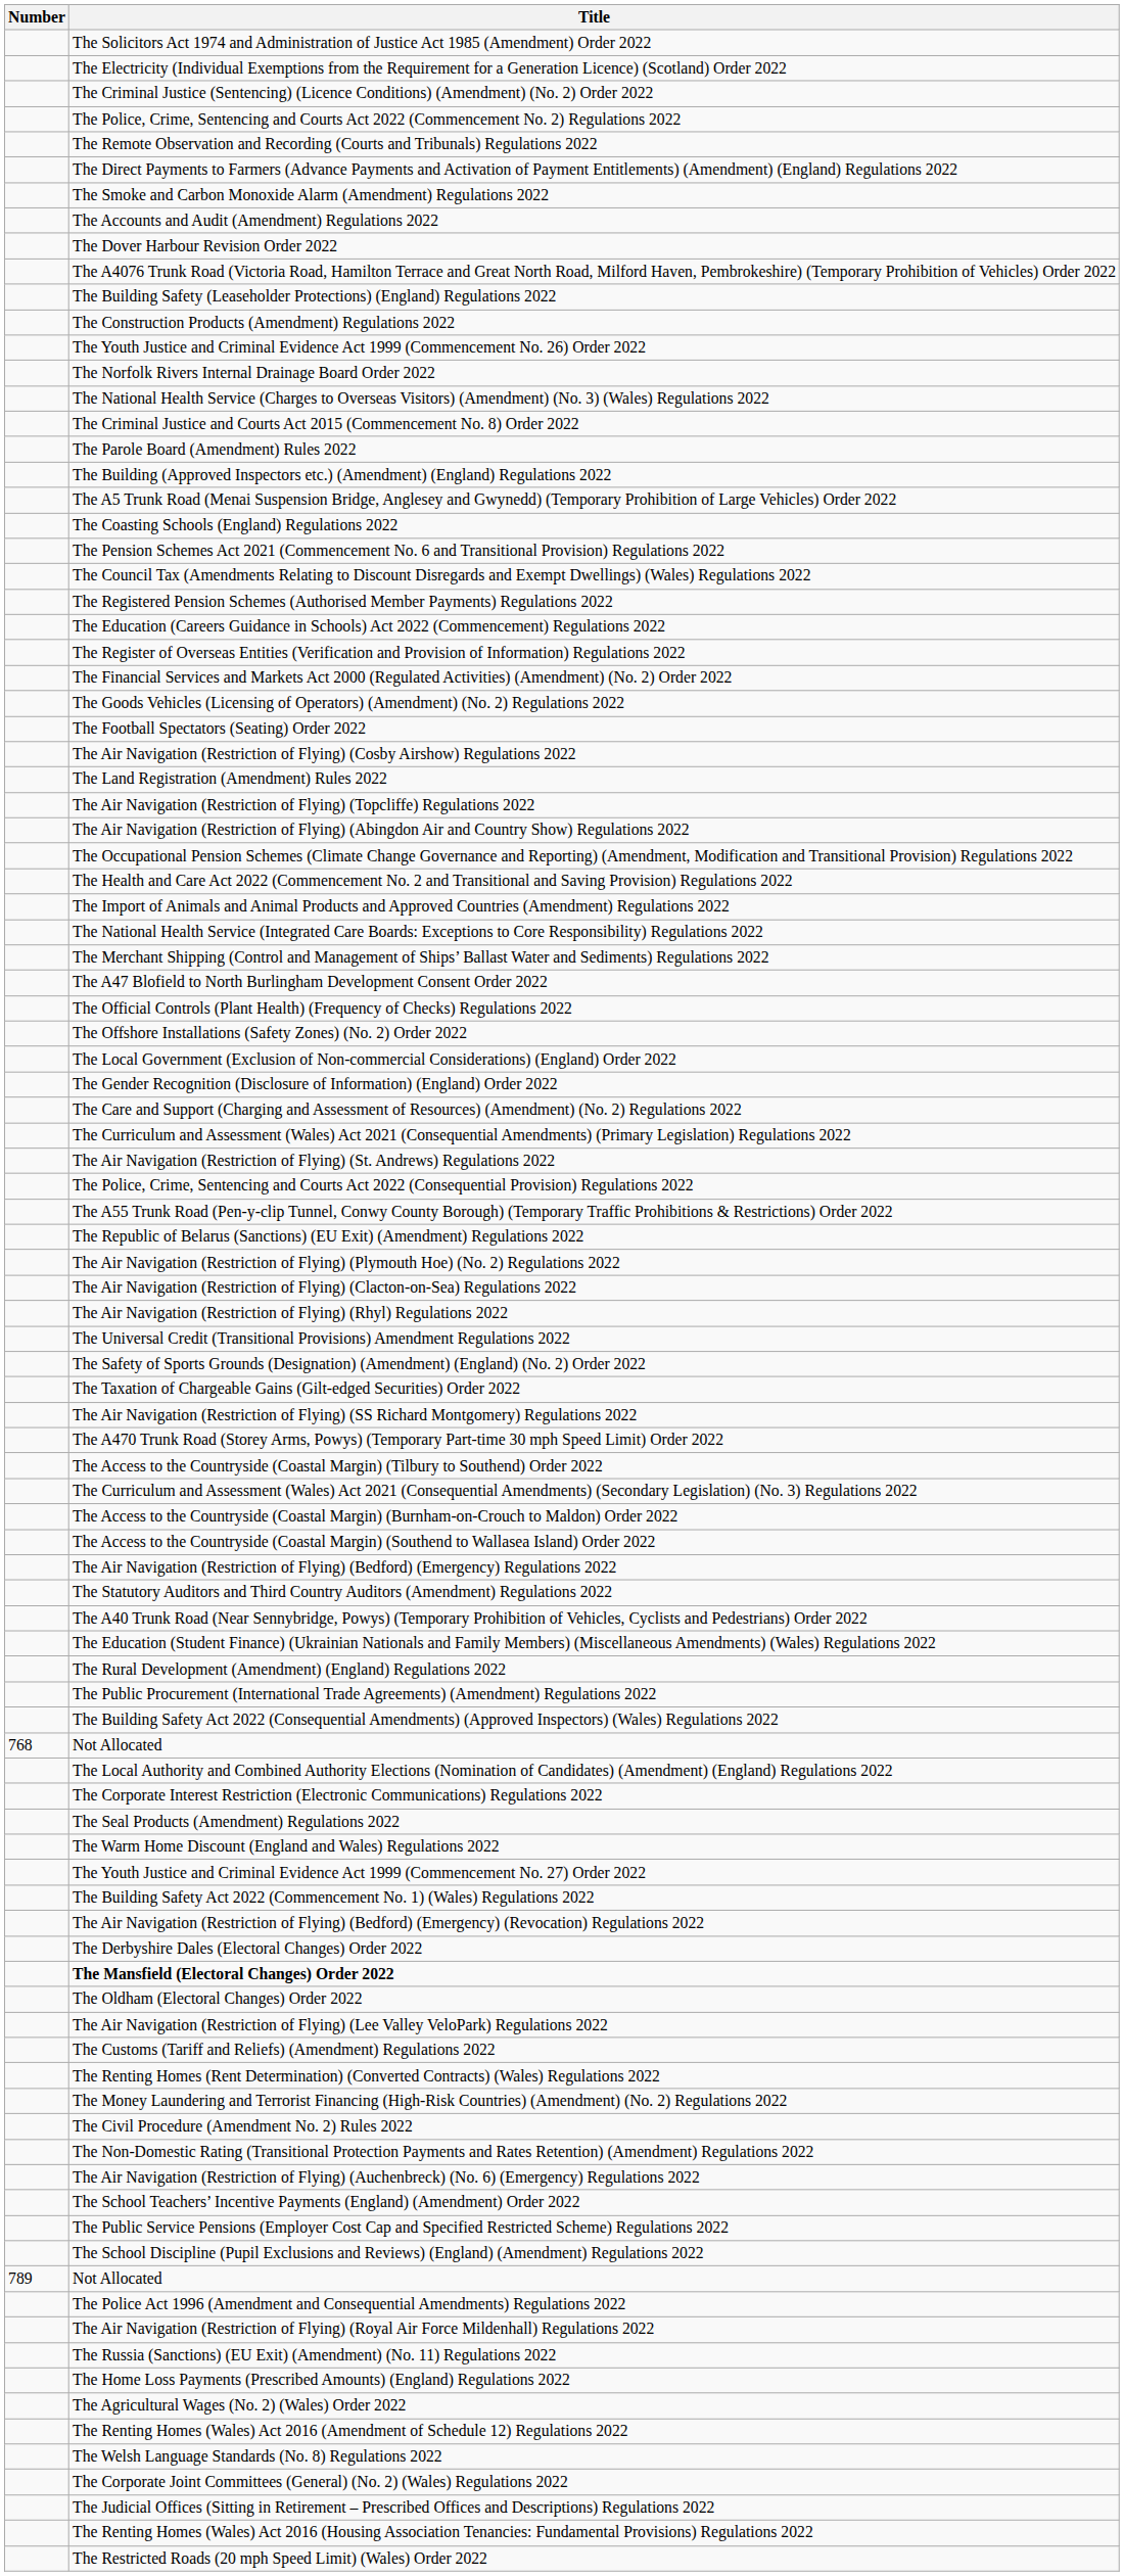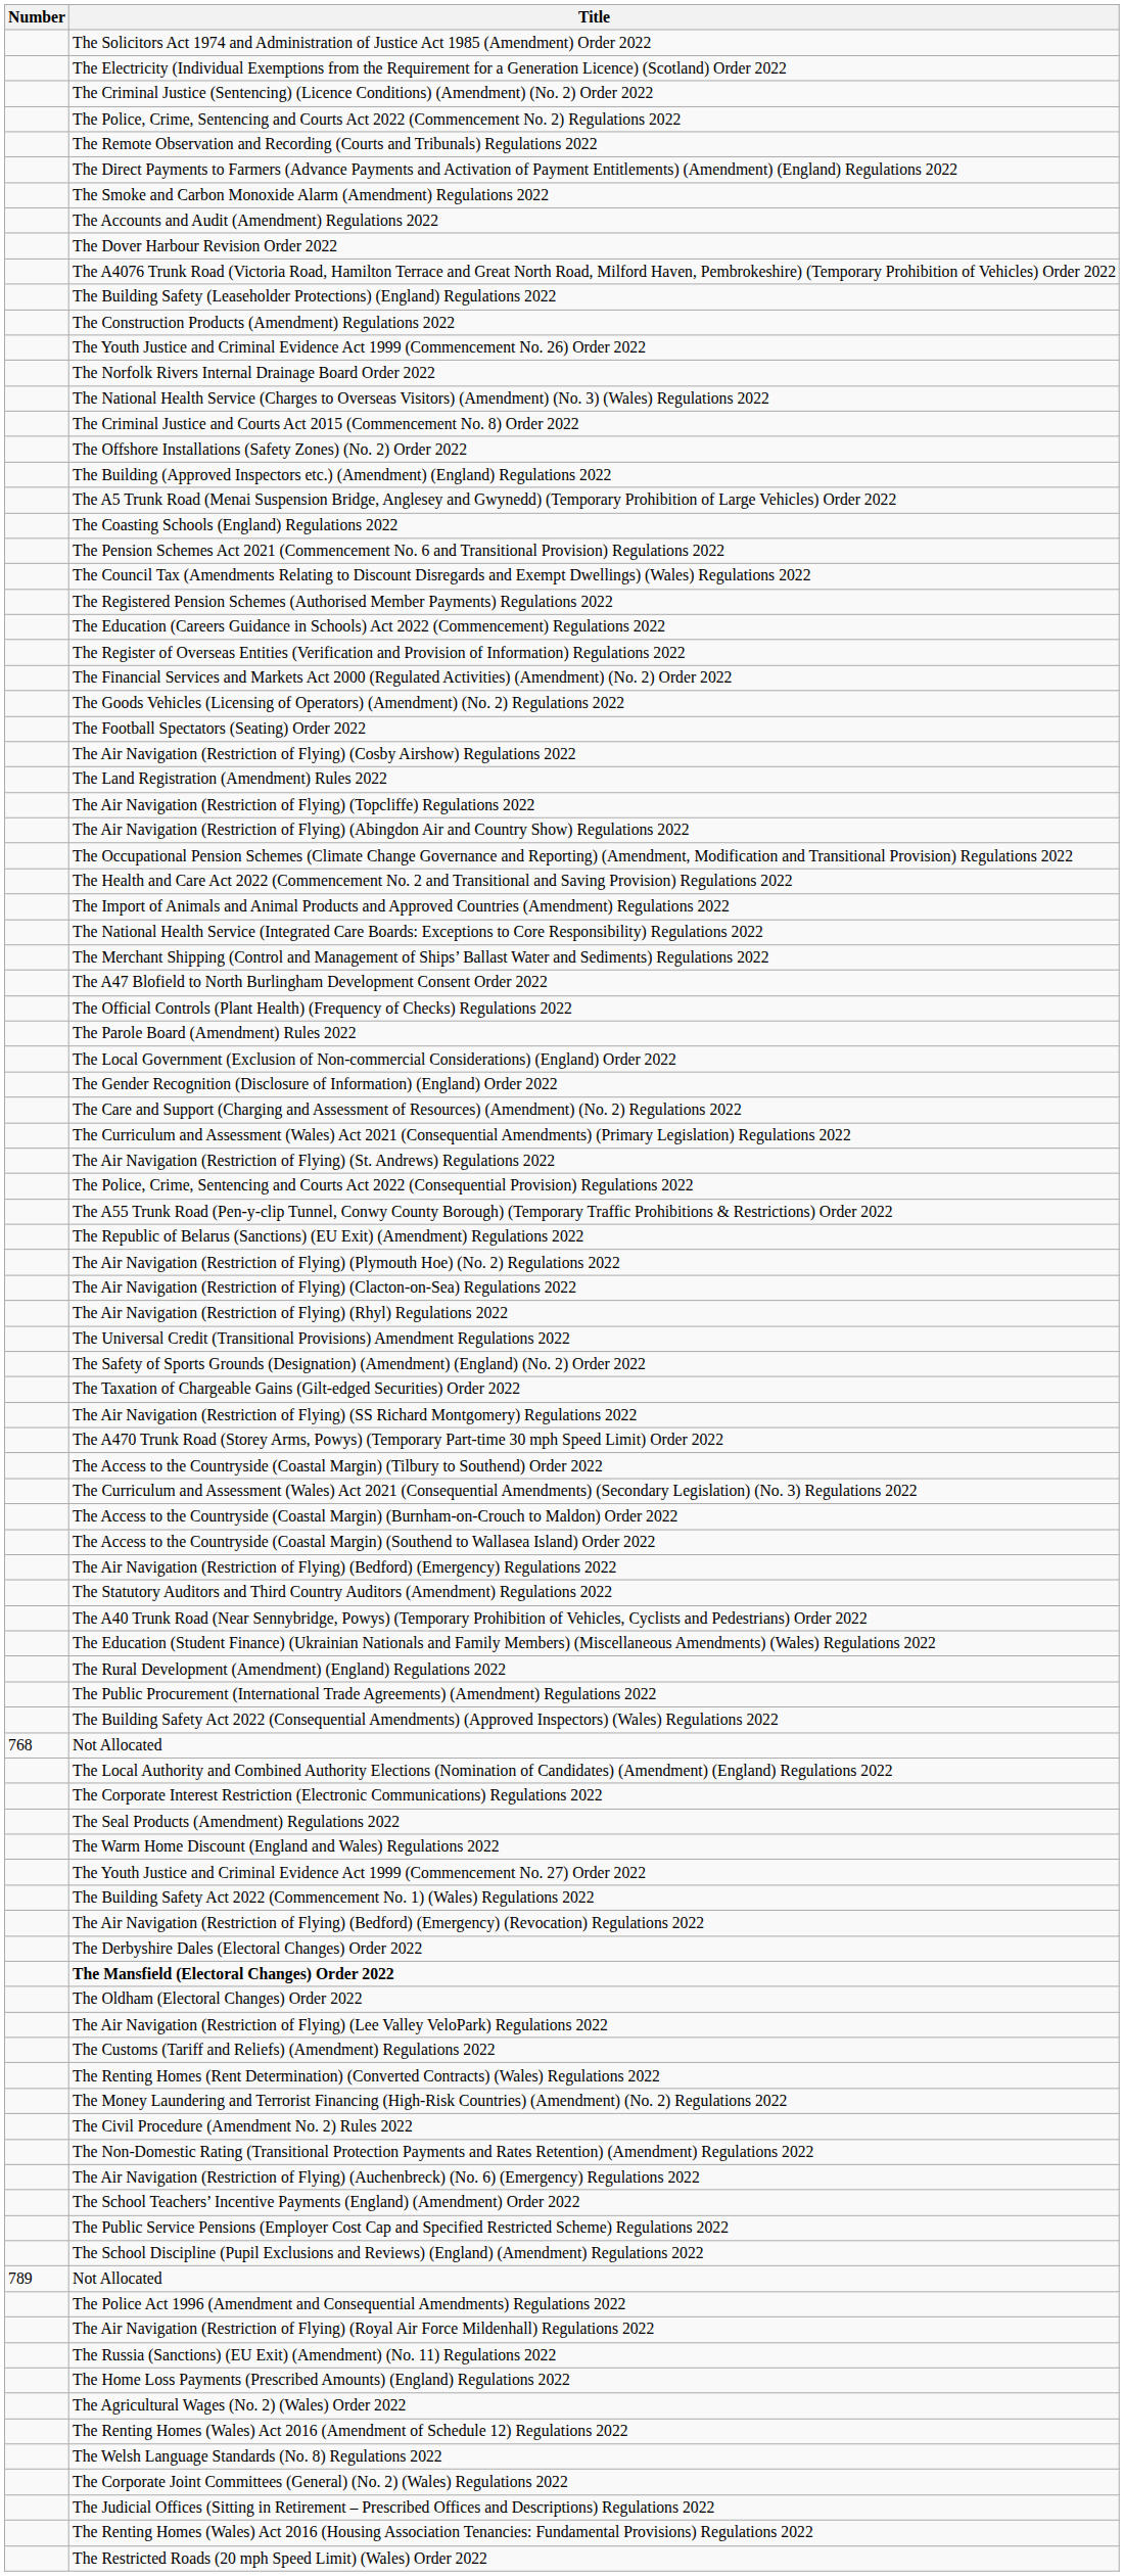 <table class="wikitable collapsible">
 <tr>
 <th>Number</th>
 <th>Title</th>
 </tr>
 <tr>
 <td></td>
 <td>The Solicitors Act 1974 and Administration of Justice Act 1985 (Amendment) Order 2022</td>
 </tr>
 <tr>
 <td></td>
 <td>The Electricity (Individual Exemptions from the Requirement for a Generation Licence) (Scotland) Order 2022</td>
 </tr>
 <tr>
 <td></td>
 <td>The Criminal Justice (Sentencing) (Licence Conditions) (Amendment) (No. 2) Order 2022</td>
 </tr>
 <tr>
 <td></td>
 <td>The Police, Crime, Sentencing and Courts Act 2022 (Commencement No. 2) Regulations 2022</td>
 </tr>
 <tr>
 <td></td>
 <td>The Remote Observation and Recording (Courts and Tribunals) Regulations 2022</td>
 </tr>
 <tr>
 <td></td>
 <td>The Direct Payments to Farmers (Advance Payments and Activation of Payment Entitlements) (Amendment) (England) Regulations 2022</td>
 </tr>
 <tr>
 <td></td>
 <td>The Smoke and Carbon Monoxide Alarm (Amendment) Regulations 2022</td>
 </tr>
 <tr>
 <td></td>
 <td>The Accounts and Audit (Amendment) Regulations 2022</td>
 </tr>
 <tr>
 <td></td>
 <td>The Dover Harbour Revision Order 2022</td>
 </tr>
 <tr>
 <td></td>
 <td>The A4076 Trunk Road (Victoria Road, Hamilton Terrace and Great North Road, Milford Haven, Pembrokeshire) (Temporary Prohibition of Vehicles) Order 2022</td>
 </tr>
 <tr>
 <td></td>
 <td>The Building Safety (Leaseholder Protections) (England) Regulations 2022</td>
 </tr>
 <tr>
 <td></td>
 <td>The Construction Products (Amendment) Regulations 2022</td>
 </tr>
 <tr>
 <td></td>
 <td>The Youth Justice and Criminal Evidence Act 1999 (Commencement No. 26) Order 2022</td>
 </tr>
 <tr>
 <td></td>
 <td>The Norfolk Rivers Internal Drainage Board Order 2022</td>
 </tr>
 <tr>
 <td></td>
 <td>The National Health Service (Charges to Overseas Visitors) (Amendment) (No. 3) (Wales) Regulations 2022</td>
 </tr>
 <tr>
 <td></td>
 <td>The Criminal Justice and Courts Act 2015 (Commencement No. 8) Order 2022</td>
 </tr>
 <tr>
 <td></td>
-<td>The Parole Board (Amendment) Rules 2022</td>
+<td>The Offshore Installations (Safety Zones) (No. 2) Order 2022</td>
 </tr>
 <tr>
 <td></td>
 <td>The Building (Approved Inspectors etc.) (Amendment) (England) Regulations 2022</td>
 </tr>
 <tr>
 <td></td>
 <td>The A5 Trunk Road (Menai Suspension Bridge, Anglesey and Gwynedd) (Temporary Prohibition of Large Vehicles) Order 2022</td>
 </tr>
 <tr>
 <td></td>
 <td>The Coasting Schools (England) Regulations 2022</td>
 </tr>
 <tr>
 <td></td>
 <td>The Pension Schemes Act 2021 (Commencement No. 6 and Transitional Provision) Regulations 2022</td>
 </tr>
 <tr>
 <td></td>
 <td>The Council Tax (Amendments Relating to Discount Disregards and Exempt Dwellings) (Wales) Regulations 2022</td>
 </tr>
 <tr>
 <td></td>
 <td>The Registered Pension Schemes (Authorised Member Payments) Regulations 2022</td>
 </tr>
 <tr>
 <td></td>
 <td>The Education (Careers Guidance in Schools) Act 2022 (Commencement) Regulations 2022</td>
 </tr>
 <tr>
 <td></td>
 <td>The Register of Overseas Entities (Verification and Provision of Information) Regulations 2022</td>
 </tr>
 <tr>
 <td></td>
 <td>The Financial Services and Markets Act 2000 (Regulated Activities) (Amendment) (No. 2) Order 2022</td>
 </tr>
 <tr>
 <td></td>
 <td>The Goods Vehicles (Licensing of Operators) (Amendment) (No. 2) Regulations 2022</td>
 </tr>
 <tr>
 <td></td>
 <td>The Football Spectators (Seating) Order 2022</td>
 </tr>
 <tr>
 <td></td>
 <td>The Air Navigation (Restriction of Flying) (Cosby Airshow) Regulations 2022</td>
 </tr>
 <tr>
 <td></td>
 <td>The Land Registration (Amendment) Rules 2022</td>
 </tr>
 <tr>
 <td></td>
 <td>The Air Navigation (Restriction of Flying) (Topcliffe) Regulations 2022</td>
 </tr>
 <tr>
 <td></td>
 <td>The Air Navigation (Restriction of Flying) (Abingdon Air and Country Show) Regulations 2022</td>
 </tr>
 <tr>
 <td></td>
 <td>The Occupational Pension Schemes (Climate Change Governance and Reporting) (Amendment, Modification and Transitional Provision) Regulations 2022</td>
 </tr>
 <tr>
 <td></td>
 <td>The Health and Care Act 2022 (Commencement No. 2 and Transitional and Saving Provision) Regulations 2022</td>
 </tr>
 <tr>
 <td></td>
 <td>The Import of Animals and Animal Products and Approved Countries (Amendment) Regulations 2022</td>
 </tr>
 <tr>
 <td></td>
 <td>The National Health Service (Integrated Care Boards: Exceptions to Core Responsibility) Regulations 2022</td>
 </tr>
 <tr>
 <td></td>
 <td>The Merchant Shipping (Control and Management of Ships’ Ballast Water and Sediments) Regulations 2022</td>
 </tr>
 <tr>
 <td></td>
 <td>The A47 Blofield to North Burlingham Development Consent Order 2022</td>
 </tr>
 <tr>
 <td></td>
 <td>The Official Controls (Plant Health) (Frequency of Checks) Regulations 2022</td>
 </tr>
 <tr>
 <td></td>
-<td>The Offshore Installations (Safety Zones) (No. 2) Order 2022</td>
+<td>The Parole Board (Amendment) Rules 2022</td>
 </tr>
 <tr>
 <td></td>
 <td>The Local Government (Exclusion of Non-commercial Considerations) (England) Order 2022</td>
 </tr>
 <tr>
 <td></td>
 <td>The Gender Recognition (Disclosure of Information) (England) Order 2022</td>
 </tr>
 <tr>
 <td></td>
 <td>The Care and Support (Charging and Assessment of Resources) (Amendment) (No. 2) Regulations 2022</td>
 </tr>
 <tr>
 <td></td>
 <td>The Curriculum and Assessment (Wales) Act 2021 (Consequential Amendments) (Primary Legislation) Regulations 2022</td>
 </tr>
 <tr>
 <td></td>
 <td>The Air Navigation (Restriction of Flying) (St. Andrews) Regulations 2022</td>
 </tr>
 <tr>
 <td></td>
 <td>The Police, Crime, Sentencing and Courts Act 2022 (Consequential Provision) Regulations 2022</td>
 </tr>
 <tr>
 <td></td>
 <td>The A55 Trunk Road (Pen-y-clip Tunnel, Conwy County Borough) (Temporary Traffic Prohibitions & Restrictions) Order 2022</td>
 </tr>
 <tr>
 <td></td>
 <td>The Republic of Belarus (Sanctions) (EU Exit) (Amendment) Regulations 2022</td>
 </tr>
 <tr>
 <td></td>
 <td>The Air Navigation (Restriction of Flying) (Plymouth Hoe) (No. 2) Regulations 2022</td>
 </tr>
 <tr>
 <td></td>
 <td>The Air Navigation (Restriction of Flying) (Clacton-on-Sea) Regulations 2022</td>
 </tr>
 <tr>
 <td></td>
 <td>The Air Navigation (Restriction of Flying) (Rhyl) Regulations 2022</td>
 </tr>
 <tr>
 <td></td>
 <td>The Universal Credit (Transitional Provisions) Amendment Regulations 2022</td>
 </tr>
 <tr>
 <td></td>
 <td>The Safety of Sports Grounds (Designation) (Amendment) (England) (No. 2) Order 2022</td>
 </tr>
 <tr>
 <td></td>
 <td>The Taxation of Chargeable Gains (Gilt-edged Securities) Order 2022</td>
 </tr>
 <tr>
 <td></td>
 <td>The Air Navigation (Restriction of Flying) (SS Richard Montgomery) Regulations 2022</td>
 </tr>
 <tr>
 <td></td>
 <td>The A470 Trunk Road (Storey Arms, Powys) (Temporary Part-time 30 mph Speed Limit) Order 2022</td>
 </tr>
 <tr>
 <td></td>
 <td>The Access to the Countryside (Coastal Margin) (Tilbury to Southend) Order 2022</td>
 </tr>
 <tr>
 <td></td>
 <td>The Curriculum and Assessment (Wales) Act 2021 (Consequential Amendments) (Secondary Legislation) (No. 3) Regulations 2022</td>
 </tr>
 <tr>
 <td></td>
 <td>The Access to the Countryside (Coastal Margin) (Burnham-on-Crouch to Maldon) Order 2022</td>
 </tr>
 <tr>
 <td></td>
 <td>The Access to the Countryside (Coastal Margin) (Southend to Wallasea Island) Order 2022</td>
 </tr>
 <tr>
 <td></td>
 <td>The Air Navigation (Restriction of Flying) (Bedford) (Emergency) Regulations 2022</td>
 </tr>
 <tr>
 <td></td>
 <td>The Statutory Auditors and Third Country Auditors (Amendment) Regulations 2022</td>
 </tr>
 <tr>
 <td></td>
 <td>The A40 Trunk Road (Near Sennybridge, Powys) (Temporary Prohibition of Vehicles, Cyclists and Pedestrians) Order 2022</td>
 </tr>
 <tr>
 <td></td>
 <td>The Education (Student Finance) (Ukrainian Nationals and Family Members) (Miscellaneous Amendments) (Wales) Regulations 2022</td>
 </tr>
 <tr>
 <td></td>
 <td>The Rural Development (Amendment) (England) Regulations 2022</td>
 </tr>
 <tr>
 <td></td>
 <td>The Public Procurement (International Trade Agreements) (Amendment) Regulations 2022</td>
 </tr>
 <tr>
 <td></td>
 <td>The Building Safety Act 2022 (Consequential Amendments) (Approved Inspectors) (Wales) Regulations 2022</td>
 </tr>
 <tr>
 <td>768</td>
 <td>Not Allocated</td>
 </tr>
 <tr>
 <td></td>
 <td>The Local Authority and Combined Authority Elections (Nomination of Candidates) (Amendment) (England) Regulations 2022</td>
 </tr>
 <tr>
 <td></td>
 <td>The Corporate Interest Restriction (Electronic Communications) Regulations 2022</td>
 </tr>
 <tr>
 <td></td>
 <td>The Seal Products (Amendment) Regulations 2022</td>
 </tr>
 <tr>
 <td></td>
 <td>The Warm Home Discount (England and Wales) Regulations 2022</td>
 </tr>
 <tr>
 <td></td>
 <td>The Youth Justice and Criminal Evidence Act 1999 (Commencement No. 27) Order 2022</td>
 </tr>
 <tr>
 <td></td>
 <td>The Building Safety Act 2022 (Commencement No. 1) (Wales) Regulations 2022</td>
 </tr>
 <tr>
 <td></td>
 <td>The Air Navigation (Restriction of Flying) (Bedford) (Emergency) (Revocation) Regulations 2022</td>
 </tr>
 <tr>
 <td></td>
 <td>The Derbyshire Dales (Electoral Changes) Order 2022</td>
 </tr>
 <tr>
 <td></td>
 <td><strong>The Mansfield (Electoral Changes) Order 2022</strong></td>
 </tr>
 <tr>
 <td></td>
 <td>The Oldham (Electoral Changes) Order 2022</td>
 </tr>
 <tr>
 <td></td>
 <td>The Air Navigation (Restriction of Flying) (Lee Valley VeloPark) Regulations 2022</td>
 </tr>
 <tr>
 <td></td>
 <td>The Customs (Tariff and Reliefs) (Amendment) Regulations 2022</td>
 </tr>
 <tr>
 <td></td>
 <td>The Renting Homes (Rent Determination) (Converted Contracts) (Wales) Regulations 2022</td>
 </tr>
 <tr>
 <td></td>
 <td>The Money Laundering and Terrorist Financing (High-Risk Countries) (Amendment) (No. 2) Regulations 2022</td>
 </tr>
 <tr>
 <td></td>
 <td>The Civil Procedure (Amendment No. 2) Rules 2022</td>
 </tr>
 <tr>
 <td></td>
 <td>The Non-Domestic Rating (Transitional Protection Payments and Rates Retention) (Amendment) Regulations 2022</td>
 </tr>
 <tr>
 <td></td>
 <td>The Air Navigation (Restriction of Flying) (Auchenbreck) (No. 6) (Emergency) Regulations 2022</td>
 </tr>
 <tr>
 <td></td>
 <td>The School Teachers’ Incentive Payments (England) (Amendment) Order 2022</td>
 </tr>
 <tr>
 <td></td>
 <td>The Public Service Pensions (Employer Cost Cap and Specified Restricted Scheme) Regulations 2022</td>
 </tr>
 <tr>
 <td></td>
 <td>The School Discipline (Pupil Exclusions and Reviews) (England) (Amendment) Regulations 2022</td>
 </tr>
 <tr>
 <td>789</td>
 <td>Not Allocated</td>
 </tr>
 <tr>
 <td></td>
 <td>The Police Act 1996 (Amendment and Consequential Amendments) Regulations 2022</td>
 </tr>
 <tr>
 <td></td>
 <td>The Air Navigation (Restriction of Flying) (Royal Air Force Mildenhall) Regulations 2022</td>
 </tr>
 <tr>
 <td></td>
 <td>The Russia (Sanctions) (EU Exit) (Amendment) (No. 11) Regulations 2022</td>
 </tr>
 <tr>
 <td></td>
 <td>The Home Loss Payments (Prescribed Amounts) (England) Regulations 2022</td>
 </tr>
 <tr>
 <td></td>
 <td>The Agricultural Wages (No. 2) (Wales) Order 2022</td>
 </tr>
 <tr>
 <td></td>
 <td>The Renting Homes (Wales) Act 2016 (Amendment of Schedule 12) Regulations 2022</td>
 </tr>
 <tr>
 <td></td>
 <td>The Welsh Language Standards (No. 8) Regulations 2022</td>
 </tr>
 <tr>
 <td></td>
 <td>The Corporate Joint Committees (General) (No. 2) (Wales) Regulations 2022</td>
 </tr>
 <tr>
 <td></td>
 <td>The Judicial Offices (Sitting in Retirement – Prescribed Offices and Descriptions) Regulations 2022</td>
 </tr>
 <tr>
 <td></td>
 <td>The Renting Homes (Wales) Act 2016 (Housing Association Tenancies: Fundamental Provisions) Regulations 2022</td>
 </tr>
 <tr>
 <td></td>
 <td>The Restricted Roads (20 mph Speed Limit) (Wales) Order 2022</td>
 </tr>
 </table>
